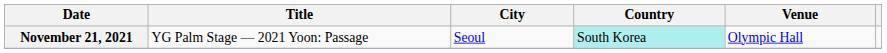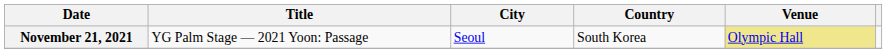 <table class="wikitable plainrowheaders">
 <tr>
 <th style="width:10em;">Date</th>
 <th style="width:21.5em;">Title</th>
 <th style="width:8.5em;">City</th>
 <th style="width:10.5em;">Country</th>
 <th style="width:10.5em;">Venue</th>
 <th scope="col" class="unsortable"></th>
 </tr>
 <tr>
 <th scope="row">November 21, 2021</th>
 <td>YG Palm Stage — 2021 Yoon: Passage</td>
 <td><a href='#'>Seoul</a></td>
-<td style="background: paleturquoise;">South Korea</td>
-<td><a href='#'>Olympic Hall</a></td>
+<td>South Korea</td>
+<td style="background: khaki;"><a href='#'>Olympic Hall</a></td>
 <td style="text-align:center"></td>
 </tr>
 <tr>
 </tr>
 </table>
